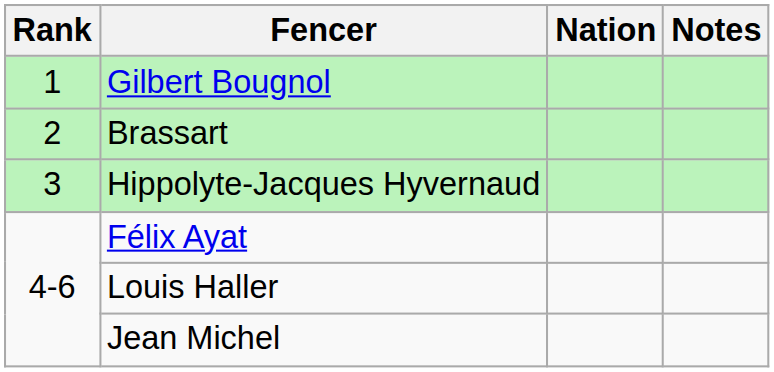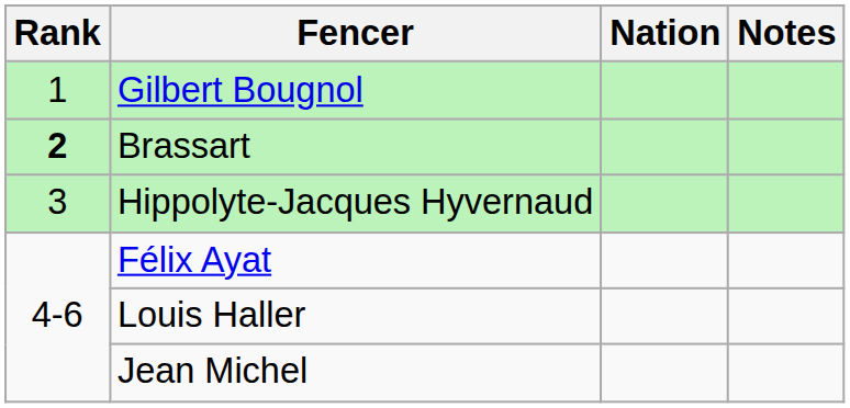 <table class="wikitable sortable" style="text-align:center">
 <tr>
 <th>Rank</th>
 <th>Fencer</th>
 <th>Nation</th>
 <th>Notes</th>
 </tr>
 <tr bgcolor=bbf3bb>
 <td>1</td>
 <td align=left><a href='#'>Gilbert Bougnol</a></td>
 <td align=left></td>
 <td></td>
 </tr>
 <tr bgcolor=bbf3bb>
-<td>2</td>
+<td><strong>2</strong></td>
 <td align=left>Brassart</td>
 <td align=left></td>
 <td></td>
 </tr>
 <tr bgcolor=bbf3bb>
 <td>3</td>
 <td align=left>Hippolyte-Jacques Hyvernaud</td>
 <td align=left></td>
 <td></td>
 </tr>
 <tr>
 <td rowspan=3>4-6</td>
 <td align=left><a href='#'>Félix Ayat</a></td>
 <td align=left></td>
 <td></td>
 </tr>
 <tr>
 <td align=left>Louis Haller</td>
 <td align=left></td>
 <td></td>
 </tr>
 <tr>
 <td align=left>Jean Michel</td>
 <td align=left></td>
 <td></td>
 </tr>
 </table>
